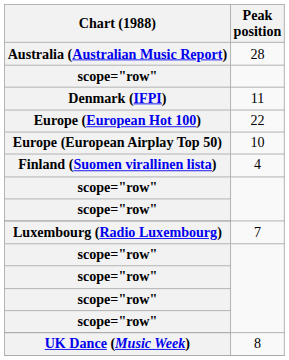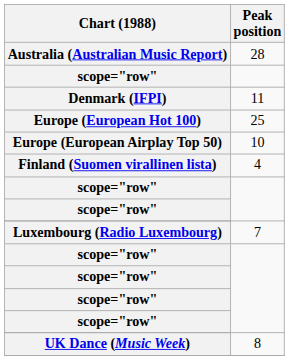 <table class="wikitable sortable plainrowheaders">
 <tr>
 <th>Chart (1988)</th>
 <th>Peak<br>position</th>
 </tr>
 <tr>
 <th scope="row">Australia (<a href='#'>Australian Music Report</a>)</th>
 <td style="text-align:center;">28</td>
 </tr>
 <tr>
 <th>scope="row"</th>
 </tr>
 <tr>
 <th scope="row">Denmark (<a href='#'>IFPI</a>)</th>
 <td style="text-align:center;">11</td>
 </tr>
 <tr>
 <th scope="row">Europe (<a href='#'>European Hot 100</a>)</th>
-<td align="center">22</td>
+<td align="center">25</td>
 </tr>
 <tr>
 <th scope="row">Europe (European Airplay Top 50)</th>
 <td style="text-align:center;">10</td>
 </tr>
 <tr>
 <th scope="row">Finland (<a href='#'>Suomen virallinen lista</a>)</th>
 <td align="center">4</td>
 </tr>
 <tr>
 <th>scope="row"</th>
 </tr>
 <tr>
 <th>scope="row"</th>
 </tr>
 <tr>
 </tr>
 <tr>
 <th scope="row">Luxembourg (<a href='#'>Radio Luxembourg</a>)</th>
 <td align="center">7</td>
 </tr>
 <tr>
 <th>scope="row"</th>
 </tr>
 <tr>
 <th>scope="row"</th>
 </tr>
 <tr>
 <th>scope="row"</th>
 </tr>
 <tr>
 <th>scope="row"</th>
 </tr>
 <tr>
 </tr>
 <tr>
 <th scope="row"><a href='#'>UK Dance</a> (<em><a href='#'>Music Week</a></em>)</th>
 <td align="center">8</td>
 </tr>
 <tr>
 </tr>
 </table>
